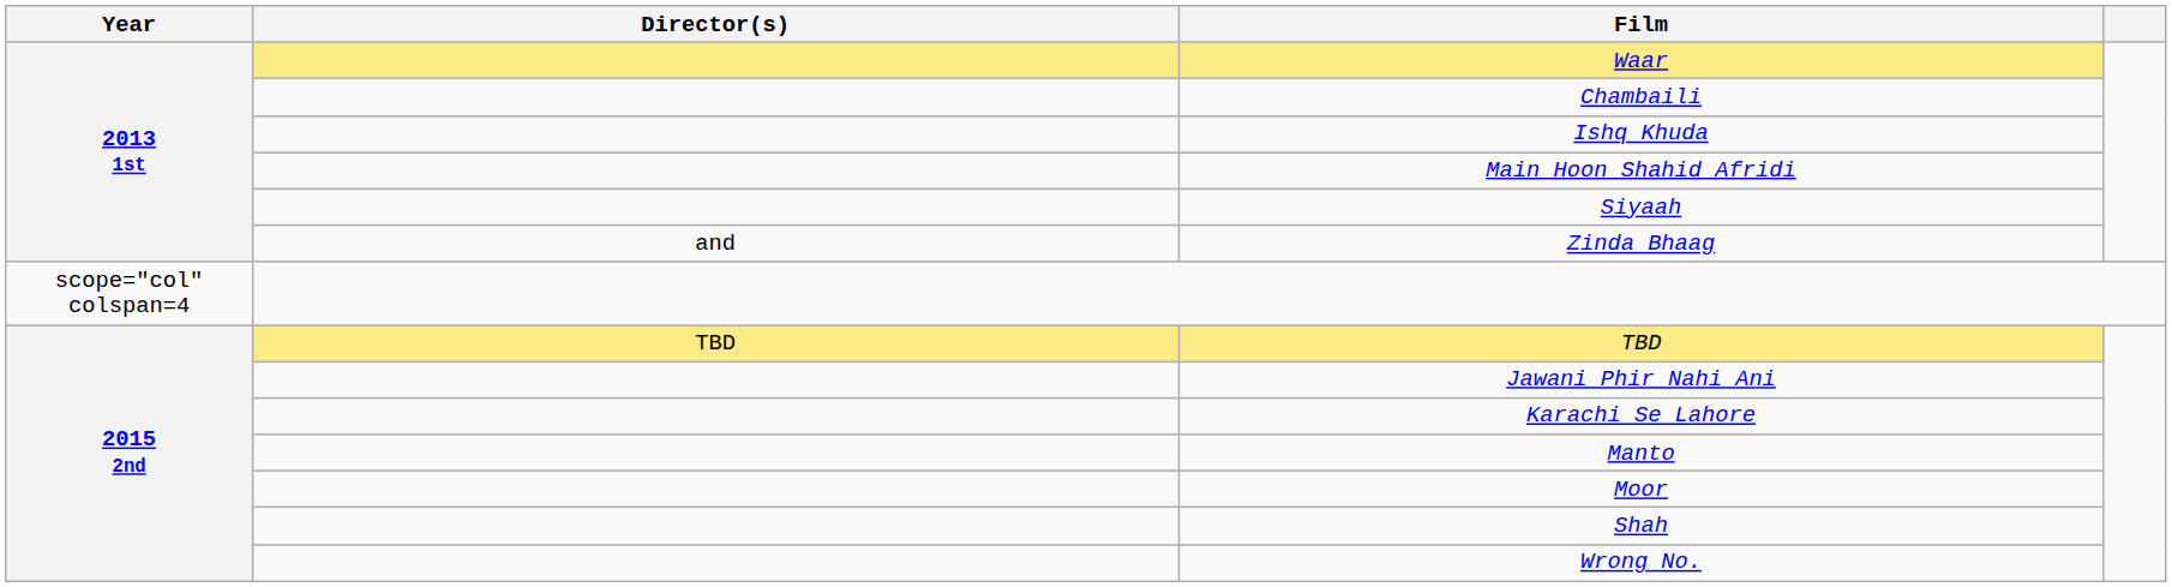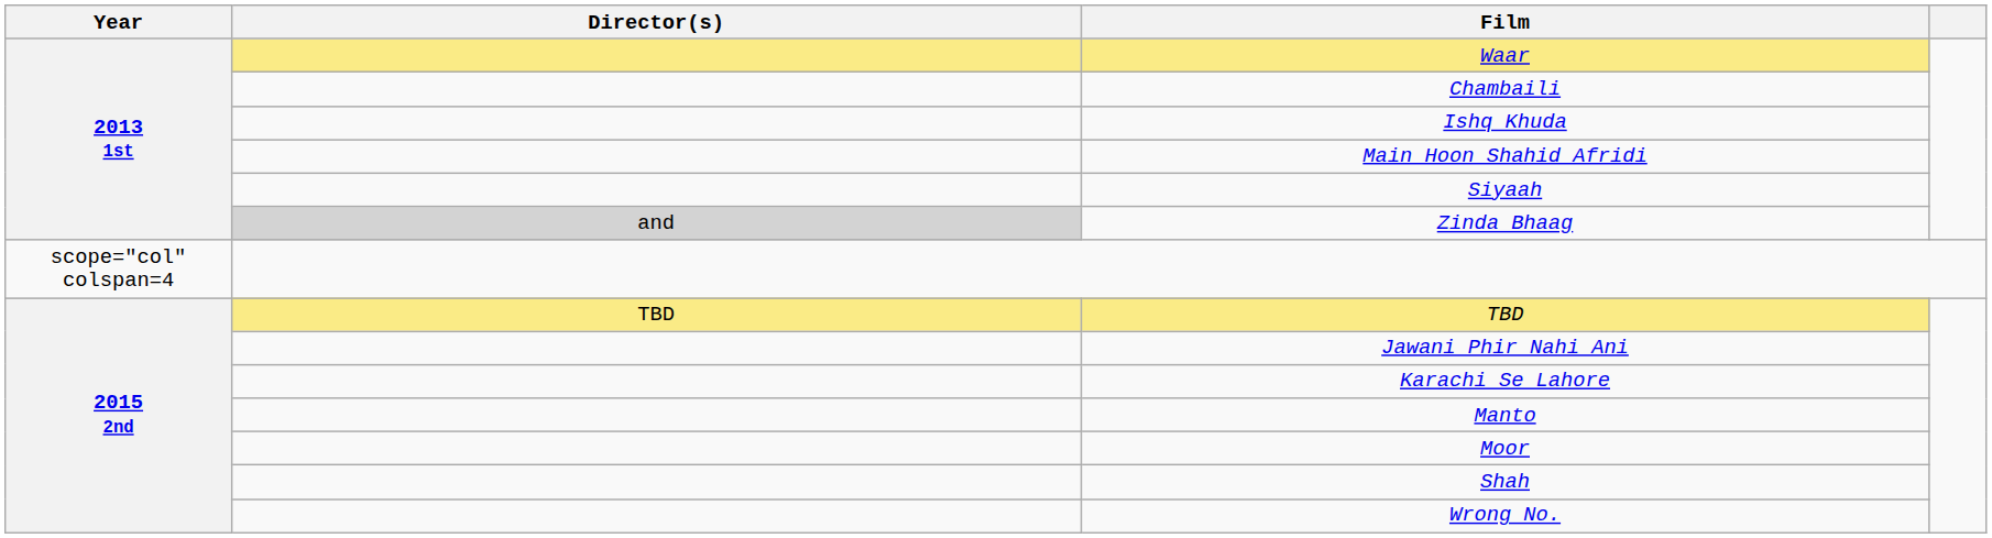 <table class="wikitable sortable" style="text-align:center;">
 <tr>
 <th scope="col" style="width:8%;">Year</th>
 <th scope="col" style="width:30%;">Director(s)</th>
 <th scope="col" style="width:30%;">Film</th>
 <th scope="col" style="width:2%;" class="unsortable"></th>
 </tr>
 <tr>
 <th scope="row" rowspan=6 style="text-align:center;"><a href='#'>2013</a><br><small><a href='#'>1st</a></small></th>
 <td style="background:#FAEB86"></td>
 <td style="background:#FAEB86"><em><a href='#'>Waar</a></em></td>
 <td rowspan="6"></td>
 </tr>
 <tr>
 <td></td>
 <td><em><a href='#'>Chambaili</a></em></td>
 </tr>
 <tr>
 <td></td>
 <td><em><a href='#'>Ishq Khuda</a></em></td>
 </tr>
 <tr>
 <td></td>
 <td><em><a href='#'>Main Hoon Shahid Afridi</a></em></td>
 </tr>
 <tr>
 <td></td>
 <td><em><a href='#'>Siyaah</a></em></td>
 </tr>
 <tr>
-<td> and </td>
+<td style="background: lightgrey;"> and </td>
 <td><em><a href='#'>Zinda Bhaag</a></em></td>
 </tr>
 <tr>
 <td>scope="col" colspan=4 </td>
 </tr>
 <tr>
 <th scope="row" rowspan=7 style="text-align:center;"><a href='#'>2015</a><br><small><a href='#'>2nd</a></small></th>
 <td style="background:#FAEB86">TBD </td>
 <td style="background:#FAEB86"><em>TBD</em></td>
 <td rowspan="7"></td>
 </tr>
 <tr>
 <td></td>
 <td><em><a href='#'>Jawani Phir Nahi Ani</a></em></td>
 </tr>
 <tr>
 <td></td>
 <td><em><a href='#'>Karachi Se Lahore</a></em></td>
 </tr>
 <tr>
 <td></td>
 <td><em><a href='#'>Manto</a></em></td>
 </tr>
 <tr>
 <td></td>
 <td><em><a href='#'>Moor</a></em></td>
 </tr>
 <tr>
 <td></td>
 <td><em><a href='#'>Shah</a></em></td>
 </tr>
 <tr>
 <td></td>
 <td><em><a href='#'>Wrong No.</a></em></td>
 </tr>
 </table>
